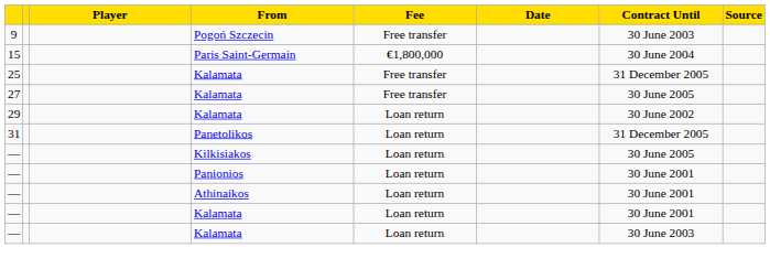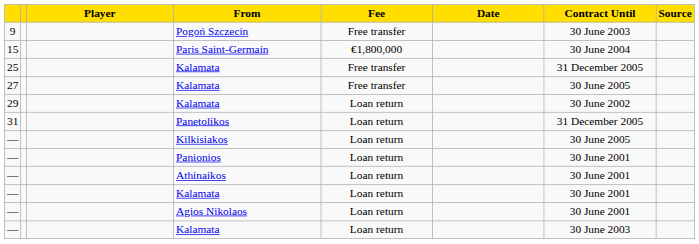 <table class="wikitable sortable">
 <tr>
 <th style="background:#FFDE00"></th>
 <th style="background:#FFDE00"></th>
 <th width=200 style="background:#FFDE00">Player</th>
 <th width=200 style="background:#FFDE00">From</th>
 <th width=150 style="background:#FFDE00">Fee</th>
 <th width=150 style="background:#FFDE00">Date</th>
 <th width=150 style="background:#FFDE00">Contract Until</th>
 <th style="background:#FFDE00">Source</th>
 </tr>
 <tr>
 <td align=center>9</td>
 <td align=center></td>
 <td></td>
 <td> <a href='#'>Pogoń Szczecin</a></td>
 <td align=center>Free transfer</td>
 <td align=center></td>
 <td align=center>30 June 2003</td>
 <td align=center></td>
 </tr>
 <tr>
 <td align=center>15</td>
 <td align=center></td>
 <td></td>
 <td> <a href='#'>Paris Saint-Germain</a></td>
 <td align=center>€1,800,000</td>
 <td align=center></td>
 <td align=center>30 June 2004</td>
 <td align=center></td>
 </tr>
 <tr>
 <td align=center>25</td>
 <td align=center></td>
 <td></td>
 <td> <a href='#'>Kalamata</a></td>
 <td align=center>Free transfer</td>
 <td align=center></td>
 <td align=center>31 December 2005</td>
 <td align=center></td>
 </tr>
 <tr>
 <td align=center>27</td>
 <td align=center></td>
 <td></td>
 <td> <a href='#'>Kalamata</a></td>
 <td align=center>Free transfer</td>
 <td align=center></td>
 <td align=center>30 June 2005</td>
 <td align=center></td>
 </tr>
 <tr>
 <td align=center>29</td>
 <td align=center></td>
 <td></td>
 <td> <a href='#'>Kalamata</a></td>
 <td align=center>Loan return</td>
 <td align=center></td>
 <td align=center>30 June 2002</td>
 <td align=center></td>
 </tr>
 <tr>
 <td align=center>31</td>
 <td align=center></td>
 <td></td>
 <td> <a href='#'>Panetolikos</a></td>
 <td align=center>Loan return</td>
 <td align=center></td>
 <td align=center>31 December 2005</td>
 <td align=center></td>
 </tr>
 <tr>
 <td align=center>—</td>
 <td align=center></td>
 <td></td>
 <td> <a href='#'>Kilkisiakos</a></td>
 <td align=center>Loan return</td>
 <td align=center></td>
 <td align=center>30 June 2005</td>
 <td align=center></td>
 </tr>
 <tr>
 <td align=center>—</td>
 <td align=center></td>
 <td></td>
 <td> <a href='#'>Panionios</a></td>
 <td align=center>Loan return</td>
 <td align=center></td>
 <td align=center>30 June 2001</td>
 <td align=center></td>
 </tr>
 <tr>
 <td align=center>—</td>
 <td align=center></td>
 <td></td>
 <td> <a href='#'>Athinaikos</a></td>
 <td align=center>Loan return</td>
 <td align=center></td>
 <td align=center>30 June 2001</td>
 <td align=center></td>
 </tr>
 <tr>
 <td align=center>—</td>
 <td align=center></td>
 <td></td>
 <td> <a href='#'>Kalamata</a></td>
 <td align=center>Loan return</td>
 <td align=center></td>
 <td align=center>30 June 2001</td>
 <td align=center></td>
 </tr>
 <tr>
 <td align=center>—</td>
 <td align=center></td>
 <td></td>
+<td> <a href='#'>Agios Nikolaos</a></td>
+<td align=center>Loan return</td>
+<td align=center></td>
+<td align=center>30 June 2001</td>
+<td align=center></td>
+</tr>
+<tr>
+<td align=center>—</td>
+<td align=center></td>
+<td></td>
 <td> <a href='#'>Kalamata</a></td>
 <td align=center>Loan return</td>
 <td align=center></td>
 <td align=center>30 June 2003</td>
 <td align=center></td>
 </tr>
 </table>
